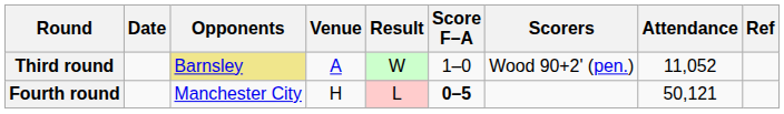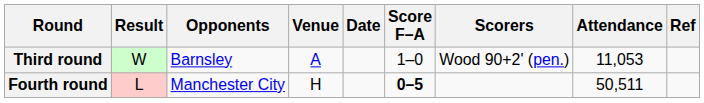 <table class="wikitable plainrowheaders sortable" style="text-align:center">
 <tr>
 <th scope="col">Round</th>
-<th scope="col">Date</th>
+<th scope="col">Result</th>
 <th scope="col">Opponents</th>
 <th scope="col">Venue</th>
-<th scope="col">Result</th>
+<th scope="col">Date</th>
 <th scope="col">Score<br>F–A</th>
 <th scope="col" class="unsortable">Scorers</th>
 <th scope="col">Attendance</th>
 <th scope="col" class="unsortable">Ref</th>
 </tr>
 <tr>
 <th scope="row">Third round</th>
+<td bgcolor="#ccffcc">W</td>
+<td align="left"><a href='#'>Barnsley</a></td>
+<td><a href='#'>A</a></td>
 <td align="left"></td>
-<td align="left" style="background: khaki;"><a href='#'>Barnsley</a></td>
-<td><a href='#'>A</a></td>
-<td bgcolor="#ccffcc">W</td>
 <td>1–0</td>
 <td>Wood 90+2' (<a href='#'>pen.</a>)</td>
-<td>11,052</td>
+<td>11,053</td>
 <td></td>
 </tr>
 <tr>
 <th scope="row">Fourth round</th>
-<td align="left"></td>
+<td bgcolor="#ffcccc">L</td>
 <td align="left"><a href='#'>Manchester City</a></td>
 <td>H</td>
-<td bgcolor="#ffcccc">L</td>
+<td align="left"></td>
 <td><strong>0–5</strong></td>
 <td></td>
-<td>50,121</td>
+<td>50,511</td>
 <td></td>
 </tr>
 </table>
